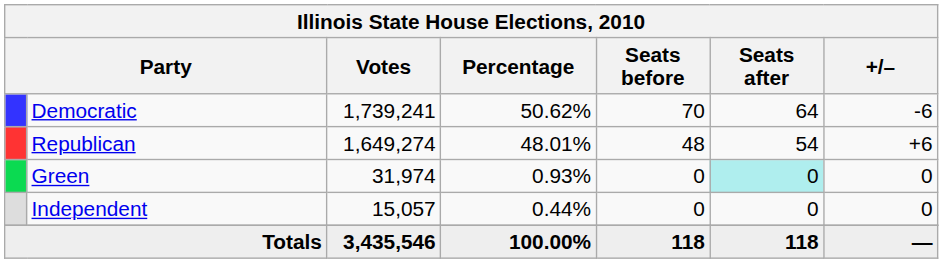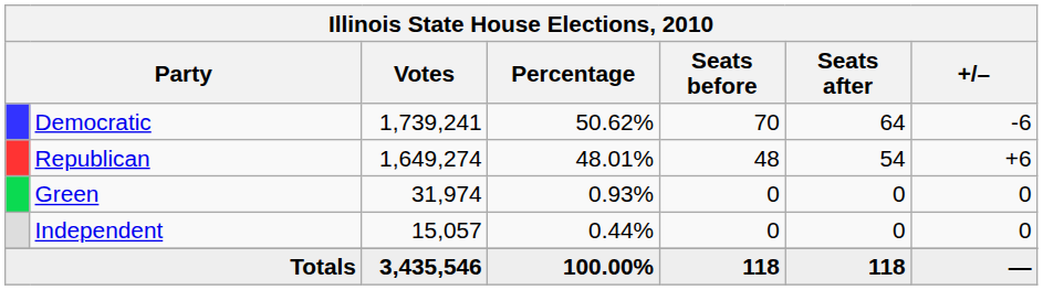 <table class="wikitable" style="font-size: 95%;">
 <tr style="background-color:#E9E9E9">
 <th colspan="8">Illinois State House Elections, 2010</th>
 </tr>
 <tr bgcolor="#EEEEEE" align="center">
 <th colspan=2 style="width: 15em">Party</th>
 <th style="width: 5em">Votes</th>
 <th style="width: 7em">Percentage</th>
 <th style="width: 5em">Seats<br>before</th>
 <th style="width: 5em">Seats<br>after</th>
 <th style="width: 5em">+/–</th>
 </tr>
 <tr>
 <th style="background-color:#3333FF; width: 3px"></th>
 <td style="width: 130px"><a href='#'>Democratic</a></td>
 <td align="right">1,739,241</td>
 <td align="right">50.62%</td>
 <td align="right">70</td>
 <td align="right">64</td>
 <td align="right">-6</td>
 </tr>
 <tr>
 <th style="background-color:#FF3333; width: 3px"></th>
 <td style="width: 130px"><a href='#'>Republican</a></td>
 <td align="right">1,649,274</td>
 <td align="right">48.01%</td>
 <td align="right">48</td>
 <td align="right">54</td>
 <td align="right">+6</td>
 </tr>
 <tr>
 <th style="background-color:#0BDA51; width: 3px"></th>
 <td style="width: 130px"><a href='#'>Green</a></td>
 <td align="right">31,974</td>
 <td align="right">0.93%</td>
 <td align="right">0</td>
-<td align="right" style="background: paleturquoise;">0</td>
+<td align="right">0</td>
 <td align="right">0</td>
 </tr>
 <tr>
 <th style="background-color:#DDDDDD; width: 3px"></th>
 <td style="width: 130px"><a href='#'>Independent</a></td>
 <td align="right">15,057</td>
 <td align="right">0.44%</td>
 <td align="right">0</td>
 <td align="right">0</td>
 <td align="right">0</td>
 </tr>
 <tr>
 </tr>
 <tr bgcolor="#EEEEEE">
 <td colspan="2" align="right"><strong>Totals</strong></td>
 <td align="right"><strong>3,435,546</strong></td>
 <td align="right"><strong>100.00%</strong></td>
 <td align="right"><strong>118</strong></td>
 <td align="right"><strong>118</strong></td>
 <td align="right"><strong>—</strong></td>
 </tr>
 </table>
